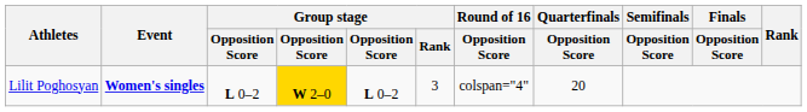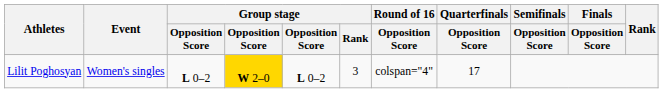 <table class=wikitable style="font-size:90%">
 <tr>
 <th rowspan="2">Athletes</th>
 <th rowspan="2">Event</th>
 <th colspan="4">Group stage</th>
 <th>Round of 16</th>
 <th>Quarterfinals</th>
 <th>Semifinals</th>
 <th>Finals</th>
 <th rowspan="2">Rank</th>
 </tr>
 <tr style="font-size:95%">
 <th>Opposition<br>Score</th>
 <th>Opposition<br>Score</th>
 <th>Opposition<br>Score</th>
 <th>Rank</th>
 <th>Opposition<br>Score</th>
 <th>Opposition<br>Score</th>
 <th>Opposition<br>Score</th>
 <th>Opposition<br>Score</th>
 </tr>
 <tr align=center>
 <td align=left><a href='#'>Lilit Poghosyan</a></td>
-<td align=left><strong><a href='#'>Women's singles</a></strong></td>
+<td align=left><a href='#'>Women's singles</a></td>
 <td><br><strong>L</strong> 0–2</td>
 <td style="background: gold;"><br><strong>W</strong> 2–0</td>
 <td><br><strong>L</strong> 0–2</td>
 <td>3</td>
 <td>colspan="4" </td>
-<td>20</td>
+<td>17</td>
 </tr>
 </table>
